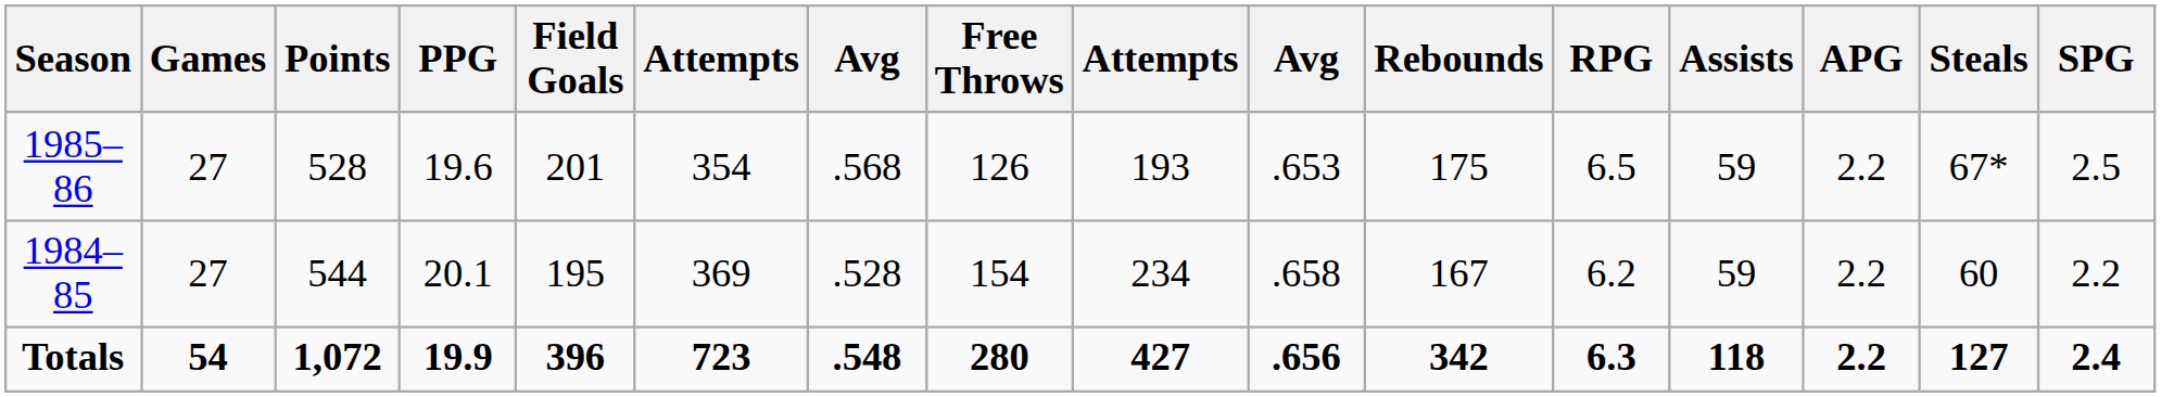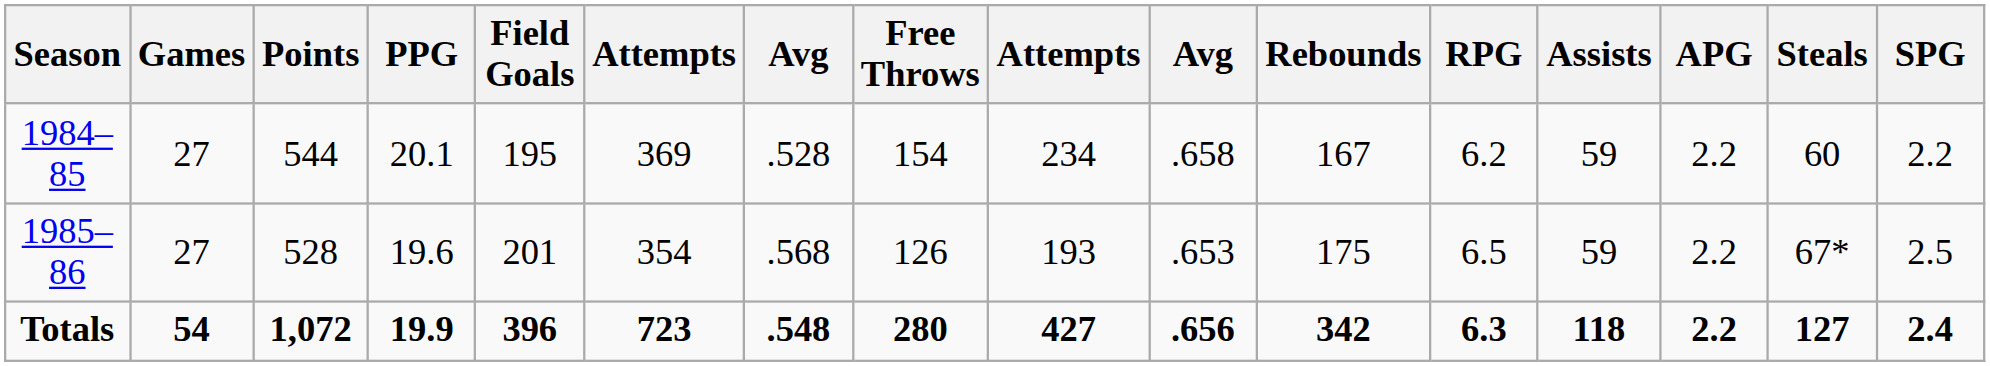 <table class="wikitable sortable" style="text-align:center">
 <tr>
 <th width=40px>Season</th>
 <th width=40px>Games</th>
 <th width=40px>Points</th>
 <th width=40px>PPG</th>
 <th width=40px>Field Goals</th>
 <th width=40px>Attempts</th>
 <th width=40px>Avg</th>
 <th width=40px>Free Throws</th>
 <th width=40px>Attempts</th>
 <th width=40px>Avg</th>
 <th width=40px>Rebounds</th>
 <th width=40px>RPG</th>
 <th width=40px>Assists</th>
 <th width=40px>APG</th>
 <th width=40px>Steals</th>
 <th width=40px>SPG</th>
 </tr>
 <tr>
+<td><a href='#'>1984–85</a></td>
+<td>27</td>
+<td>544</td>
+<td>20.1</td>
+<td>195</td>
+<td>369</td>
+<td>.528</td>
+<td>154</td>
+<td>234</td>
+<td>.658</td>
+<td>167</td>
+<td>6.2</td>
+<td>59</td>
+<td>2.2</td>
+<td>60</td>
+<td>2.2</td>
+</tr>
+<tr>
 <td><a href='#'>1985–86</a></td>
 <td>27</td>
 <td>528</td>
 <td>19.6</td>
 <td>201</td>
 <td>354</td>
 <td>.568</td>
 <td>126</td>
 <td>193</td>
 <td>.653</td>
 <td>175</td>
 <td>6.5</td>
 <td>59</td>
 <td>2.2</td>
 <td>67*</td>
 <td>2.5</td>
-</tr>
-<tr>
-<td><a href='#'>1984–85</a></td>
-<td>27</td>
-<td>544</td>
-<td>20.1</td>
-<td>195</td>
-<td>369</td>
-<td>.528</td>
-<td>154</td>
-<td>234</td>
-<td>.658</td>
-<td>167</td>
-<td>6.2</td>
-<td>59</td>
-<td>2.2</td>
-<td>60</td>
-<td>2.2</td>
 </tr>
 <tr class="sortbottom">
 <td><strong>Totals</strong></td>
 <td><strong>54</strong></td>
 <td><strong>1,072</strong></td>
 <td><strong>19.9</strong></td>
 <td><strong>396</strong></td>
 <td><strong>723</strong></td>
 <td><strong>.548</strong></td>
 <td><strong>280</strong></td>
 <td><strong>427</strong></td>
 <td><strong>.656</strong></td>
 <td><strong>342</strong></td>
 <td><strong>6.3</strong></td>
 <td><strong>118</strong></td>
 <td><strong>2.2</strong></td>
 <td><strong>127</strong></td>
 <td><strong>2.4</strong></td>
 </tr>
 </table>
